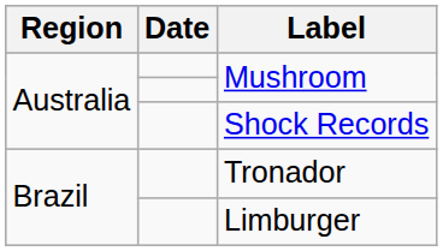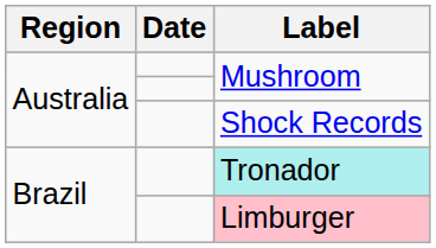 <table class="wikitable">
 <tr>
 <th>Region</th>
 <th>Date</th>
 <th>Label</th>
 </tr>
 <tr>
 <td rowspan="3">Australia</td>
 <td></td>
 <td rowspan="2"><a href='#'>Mushroom</a></td>
 </tr>
 <tr>
 <td></td>
 </tr>
 <tr>
 <td></td>
 <td><a href='#'>Shock Records</a></td>
 </tr>
 <tr>
 <td rowspan="2">Brazil</td>
 <td></td>
-<td>Tronador</td>
+<td style="background: paleturquoise;">Tronador</td>
 </tr>
 <tr>
 <td></td>
-<td>Limburger</td>
+<td style="background: pink;">Limburger</td>
 </tr>
 </table>
